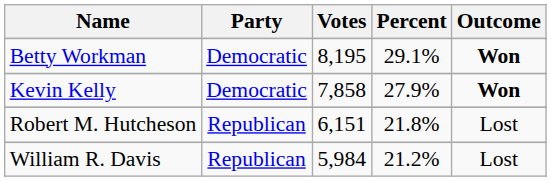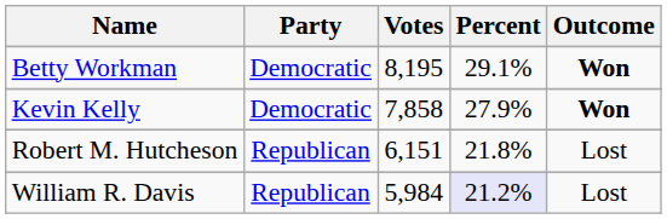 <table class=wikitable style="text-align:center">
 <tr>
 <th>Name</th>
 <th>Party</th>
 <th>Votes</th>
 <th>Percent</th>
 <th>Outcome</th>
 </tr>
 <tr>
 </tr>
 <tr>
 <td align=left><a href='#'>Betty Workman</a></td>
 <td><a href='#'>Democratic</a></td>
 <td>8,195</td>
 <td>29.1%</td>
 <td><strong>Won</strong></td>
 </tr>
 <tr>
 </tr>
 <tr>
 <td align=left><a href='#'>Kevin Kelly</a></td>
 <td><a href='#'>Democratic</a></td>
 <td>7,858</td>
 <td>27.9%</td>
 <td><strong>Won</strong></td>
 </tr>
 <tr>
 </tr>
 <tr>
 <td align=left>Robert M. Hutcheson</td>
 <td><a href='#'>Republican</a></td>
 <td>6,151</td>
 <td>21.8%</td>
 <td>Lost</td>
 </tr>
 <tr>
 </tr>
 <tr>
 <td align=left>William R. Davis</td>
 <td><a href='#'>Republican</a></td>
 <td>5,984</td>
-<td>21.2%</td>
+<td style="background: lavender;">21.2%</td>
 <td>Lost</td>
 </tr>
 </table>
